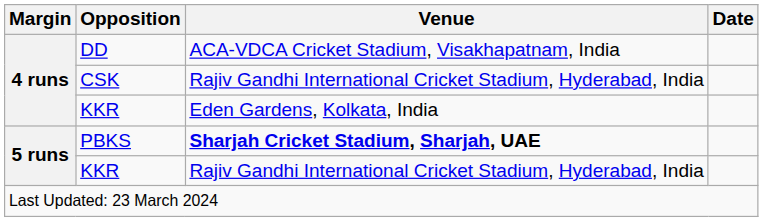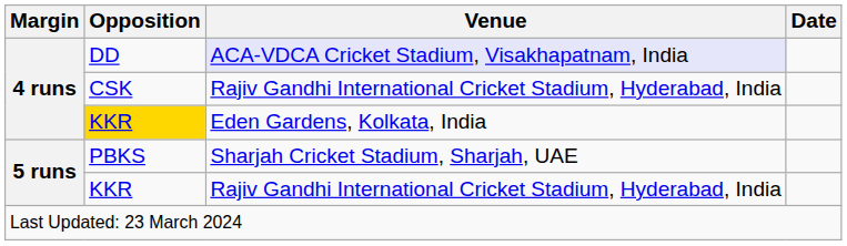 <table class="wikitable">
 <tr>
 <th>Margin</th>
 <th>Opposition</th>
 <th>Venue</th>
 <th>Date</th>
 </tr>
 <tr>
 <th rowspan=3>4 runs</th>
 <td><a href='#'>DD</a></td>
-<td><a href='#'>ACA-VDCA Cricket Stadium</a>, <a href='#'>Visakhapatnam</a>, India</td>
+<td style="background: lavender;"><a href='#'>ACA-VDCA Cricket Stadium</a>, <a href='#'>Visakhapatnam</a>, India</td>
 <td></td>
 </tr>
 <tr>
 <td><a href='#'>CSK</a></td>
 <td><a href='#'>Rajiv Gandhi International Cricket Stadium</a>, <a href='#'>Hyderabad</a>, India</td>
 <td></td>
 </tr>
 <tr>
-<td><a href='#'>KKR</a></td>
+<td style="background: gold;"><a href='#'>KKR</a></td>
 <td><a href='#'>Eden Gardens</a>, <a href='#'>Kolkata</a>, India</td>
 <td></td>
 </tr>
 <tr>
 <th rowspan=2>5 runs</th>
 <td><a href='#'>PBKS</a></td>
-<td><strong><a href='#'>Sharjah Cricket Stadium</a>, <a href='#'>Sharjah</a>, UAE</strong></td>
+<td><a href='#'>Sharjah Cricket Stadium</a>, <a href='#'>Sharjah</a>, UAE</td>
 <td></td>
 </tr>
 <tr>
 <td><a href='#'>KKR</a></td>
 <td><a href='#'>Rajiv Gandhi International Cricket Stadium</a>, <a href='#'>Hyderabad</a>, India</td>
 <td></td>
 </tr>
 <tr class=sortbottom>
 <td colspan=4><small>Last Updated: 23 March 2024</small></td>
 </tr>
 </table>
